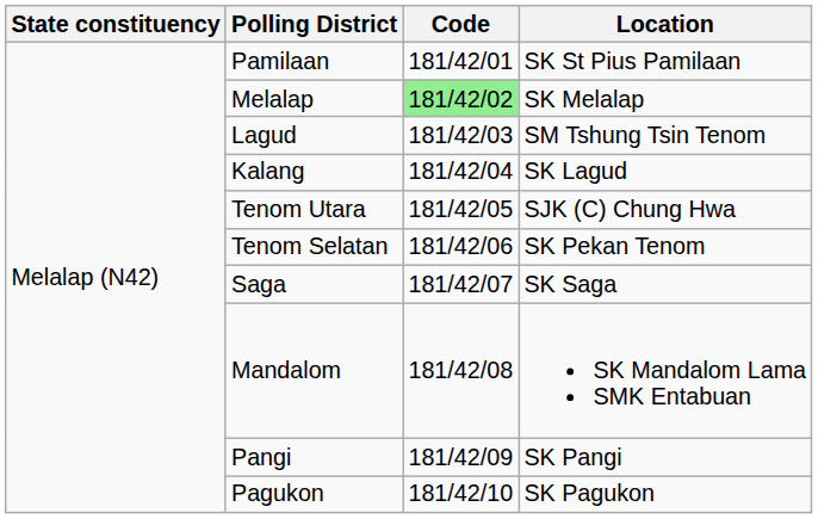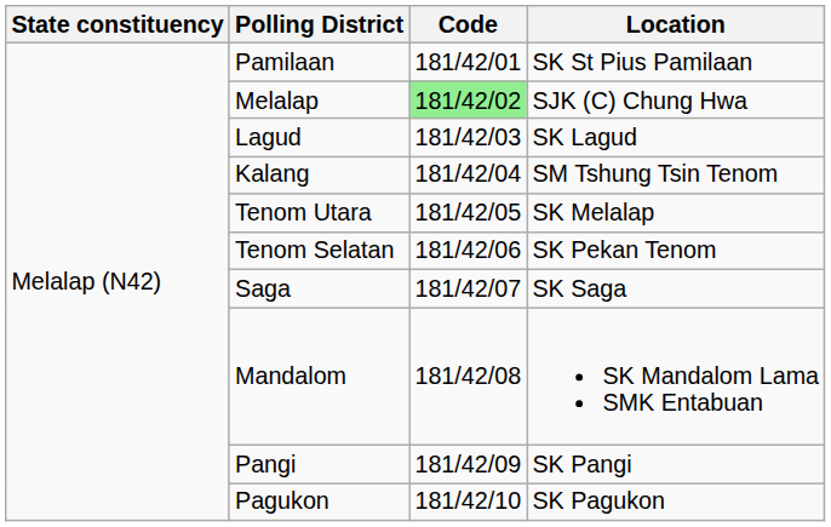 <table class="wikitable sortable mw-collapsible" style="white-space:nowrap;font-size:85%">
 <tr>
 <th>State constituency</th>
 <th>Polling District</th>
 <th>Code</th>
 <th>Location</th>
 </tr>
 <tr>
 <td rowspan="10">Melalap (N42)</td>
 <td>Pamilaan</td>
 <td>181/42/01</td>
 <td>SK St Pius Pamilaan</td>
 </tr>
 <tr>
 <td>Melalap</td>
 <td style="background: lightgreen;">181/42/02</td>
-<td>SK Melalap</td>
+<td>SJK (C) Chung Hwa</td>
 </tr>
 <tr>
 <td>Lagud</td>
 <td>181/42/03</td>
-<td>SM Tshung Tsin Tenom</td>
+<td>SK Lagud</td>
 </tr>
 <tr>
 <td>Kalang</td>
 <td>181/42/04</td>
-<td>SK Lagud</td>
+<td>SM Tshung Tsin Tenom</td>
 </tr>
 <tr>
 <td>Tenom Utara</td>
 <td>181/42/05</td>
-<td>SJK (C) Chung Hwa</td>
+<td>SK Melalap</td>
 </tr>
 <tr>
 <td>Tenom Selatan</td>
 <td>181/42/06</td>
 <td>SK Pekan Tenom</td>
 </tr>
 <tr>
 <td>Saga</td>
 <td>181/42/07</td>
 <td>SK Saga</td>
 </tr>
 <tr>
 <td>Mandalom</td>
 <td>181/42/08</td>
 <td><br><ul><li>SK Mandalom Lama</li><li>SMK Entabuan</li></ul></td>
 </tr>
 <tr>
 <td>Pangi</td>
 <td>181/42/09</td>
 <td>SK Pangi</td>
 </tr>
 <tr>
 <td>Pagukon</td>
 <td>181/42/10</td>
 <td>SK Pagukon</td>
 </tr>
 </table>
